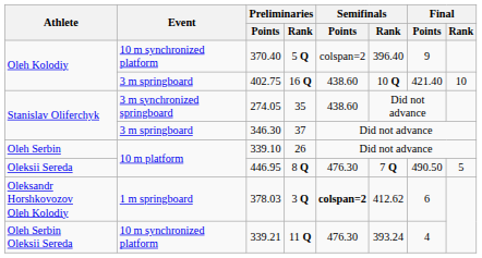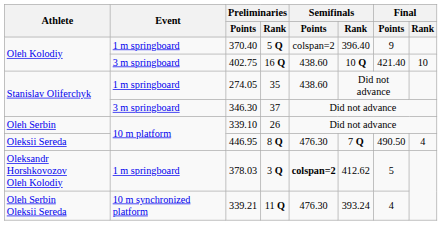 <table class="wikitable" style="text-align:center; font-size:90%">
 <tr>
 <th rowspan="2">Athlete</th>
 <th rowspan="2">Event</th>
 <th colspan="2">Preliminaries</th>
 <th colspan="2">Semifinals</th>
 <th colspan="2">Final</th>
 </tr>
 <tr style="font-size:95%">
 <th>Points</th>
 <th>Rank</th>
 <th>Points</th>
 <th>Rank</th>
 <th>Points</th>
 <th>Rank</th>
 </tr>
 <tr>
 <td align=left rowspan=2><a href='#'>Oleh Kolodiy</a></td>
-<td align="left"><a href='#'>10 m synchronized platform</a></td>
+<td align=left><a href='#'>1 m springboard</a></td>
 <td>370.40</td>
 <td>5 <strong>Q</strong></td>
 <td>colspan=2 </td>
 <td>396.40</td>
 <td>9</td>
 </tr>
 <tr>
 <td align="left"><a href='#'>3 m springboard</a></td>
 <td>402.75</td>
 <td>16 <strong>Q</strong></td>
 <td>438.60</td>
 <td>10 <strong>Q</strong></td>
 <td>421.40</td>
 <td>10</td>
 </tr>
 <tr>
 <td align=left rowspan=2><a href='#'>Stanislav Oliferchyk</a></td>
-<td align="left"><a href='#'>3 m synchronized springboard</a></td>
+<td align=left><a href='#'>1 m springboard</a></td>
 <td>274.05</td>
 <td>35</td>
 <td>438.60</td>
 <td colspan=2>Did not advance</td>
 </tr>
 <tr>
 <td align="left"><a href='#'>3 m springboard</a></td>
 <td>346.30</td>
 <td>37</td>
 <td colspan=4>Did not advance</td>
 </tr>
 <tr>
 <td align=left><a href='#'>Oleh Serbin</a></td>
 <td align="left" rowspan=2><a href='#'>10 m platform</a></td>
 <td>339.10</td>
 <td>26</td>
 <td colspan=4>Did not advance</td>
 </tr>
 <tr>
 <td align=left><a href='#'>Oleksii Sereda</a></td>
 <td>446.95</td>
 <td>8 <strong>Q</strong></td>
 <td>476.30</td>
 <td>7 <strong>Q</strong></td>
 <td>490.50</td>
-<td>5</td>
+<td>4</td>
 </tr>
 <tr>
 <td align="left"><a href='#'>Oleksandr Horshkovozov</a><br><a href='#'>Oleh Kolodiy</a></td>
 <td align=left><a href='#'>1 m springboard</a></td>
 <td>378.03</td>
 <td>3 <strong>Q</strong></td>
 <td><strong>colspan=2 </strong></td>
 <td>412.62</td>
-<td>6</td>
+<td>5</td>
 </tr>
 <tr>
 <td align="left"><a href='#'>Oleh Serbin</a><br><a href='#'>Oleksii Sereda</a></td>
 <td align="left"><a href='#'>10 m synchronized platform</a></td>
 <td>339.21</td>
 <td>11 <strong>Q</strong></td>
 <td>476.30</td>
 <td>393.24</td>
 <td>4</td>
 </tr>
 </table>
